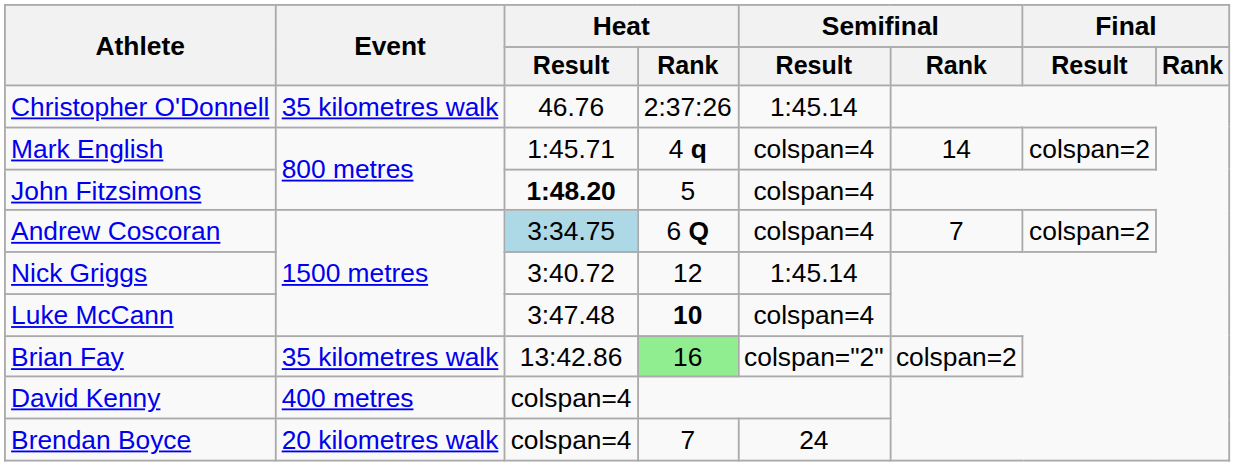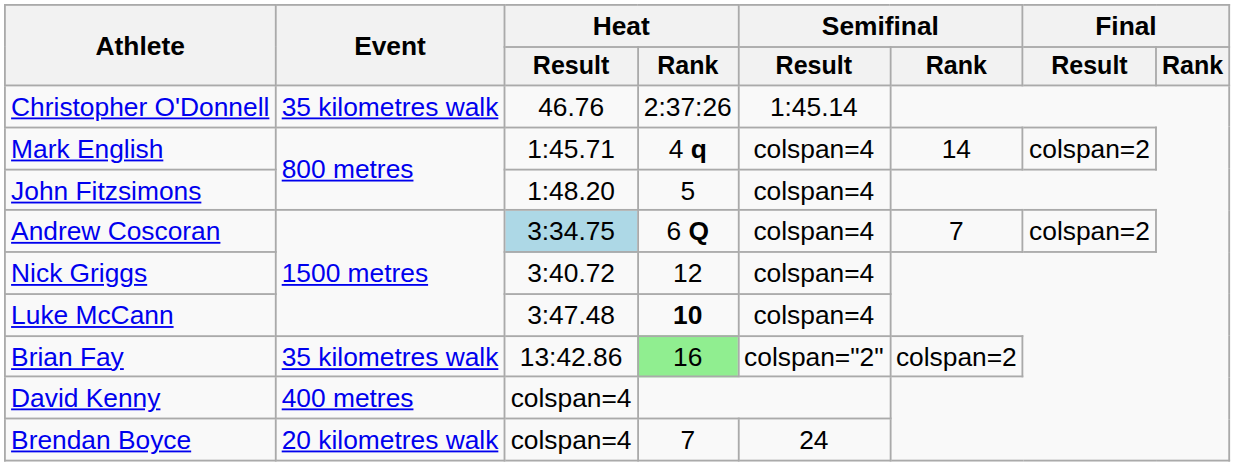 <table class="wikitable" style="font-size:90%">
 <tr>
 <th rowspan="2">Athlete</th>
 <th rowspan="2">Event</th>
 <th colspan="2">Heat</th>
 <th colspan="2">Semifinal</th>
 <th colspan="2">Final</th>
 </tr>
 <tr style="font-size:95%">
 <th>Result</th>
 <th>Rank</th>
 <th>Result</th>
 <th>Rank</th>
 <th>Result</th>
 <th>Rank</th>
 </tr>
 <tr align="center">
 <td align=left><a href='#'>Christopher O'Donnell</a></td>
 <td align=left><a href='#'>35 kilometres walk</a></td>
 <td>46.76</td>
 <td>2:37:26</td>
 <td>1:45.14 </td>
 </tr>
 <tr align="center">
 <td align=left><a href='#'>Mark English</a></td>
 <td align=left rowspan=2><a href='#'>800 metres</a></td>
 <td>1:45.71 </td>
 <td>4 <strong>q</strong></td>
 <td>colspan=4 </td>
 <td>14</td>
 <td>colspan=2 </td>
 </tr>
 <tr align="center">
 <td align=left><a href='#'>John Fitzsimons</a></td>
-<td><strong>1:48.20</strong></td>
+<td>1:48.20</td>
 <td>5</td>
 <td>colspan=4 </td>
 </tr>
 <tr align="center">
 <td align=left><a href='#'>Andrew Coscoran</a></td>
 <td align=left rowspan=3><a href='#'>1500 metres</a></td>
 <td style="background: lightblue;">3:34.75</td>
 <td>6 <strong>Q</strong></td>
 <td>colspan=4 </td>
 <td>7</td>
 <td>colspan=2 </td>
 </tr>
 <tr align="center">
 <td align=left><a href='#'>Nick Griggs</a></td>
 <td>3:40.72</td>
 <td>12</td>
-<td>1:45.14 </td>
+<td>colspan=4 </td>
 </tr>
 <tr align="center">
 <td align=left><a href='#'>Luke McCann</a></td>
 <td>3:47.48</td>
 <td><strong>10</strong></td>
 <td>colspan=4 </td>
 </tr>
 <tr align="center">
 <td align=left><a href='#'>Brian Fay</a></td>
 <td align=left><a href='#'>35 kilometres walk</a></td>
 <td>13:42.86</td>
 <td style="background: lightgreen;">16</td>
 <td>colspan="2" </td>
 <td>colspan=2 </td>
 </tr>
 <tr align="center">
 <td align=left><a href='#'>David Kenny</a></td>
 <td align=left><a href='#'>400 metres</a></td>
 <td>colspan=4 </td>
 <td colspan=2></td>
 </tr>
 <tr align="center">
 <td align=left><a href='#'>Brendan Boyce</a></td>
 <td align=left><a href='#'>20 kilometres walk</a></td>
 <td>colspan=4 </td>
 <td>7</td>
 <td>24</td>
 </tr>
 </table>
